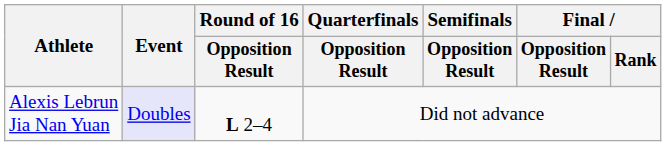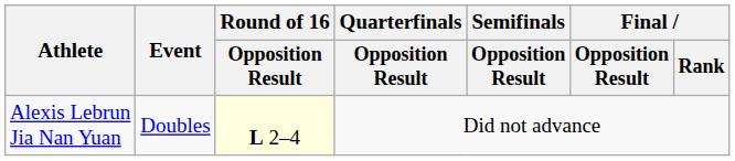 <table class="wikitable" style="font-size:90%;">
 <tr>
 <th rowspan=2>Athlete</th>
 <th rowspan=2>Event</th>
 <th>Round of 16</th>
 <th>Quarterfinals</th>
 <th>Semifinals</th>
 <th colspan=2>Final / </th>
 </tr>
 <tr style="font-size:95%">
 <th>Opposition<br>Result</th>
 <th>Opposition<br>Result</th>
 <th>Opposition<br>Result</th>
 <th>Opposition<br>Result</th>
 <th>Rank</th>
 </tr>
 <tr align=center>
 <td align=left><a href='#'>Alexis Lebrun</a><br><a href='#'>Jia Nan Yuan</a></td>
-<td align=left style="background: lavender;"><a href='#'>Doubles</a></td>
-<td><br><strong>L</strong> 2–4</td>
+<td align=left><a href='#'>Doubles</a></td>
+<td style="background: lightyellow;"><br><strong>L</strong> 2–4</td>
 <td colspan=4>Did not advance</td>
 </tr>
 </table>
